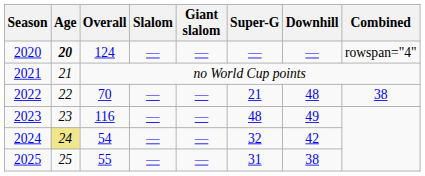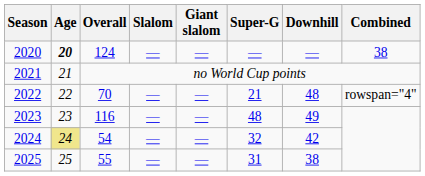 <table class=wikitable style="text-align:center">
 <tr>
 <th>Season</th>
 <th>Age</th>
 <th>Overall</th>
 <th>Slalom</th>
 <th>Giant<br> slalom </th>
 <th>Super-G</th>
 <th>Downhill</th>
 <th>Combined</th>
 </tr>
 <tr>
 <td><a href='#'>2020</a></td>
 <td><strong><em>20</em></strong></td>
 <td><a href='#'>124</a></td>
 <td><a href='#'>—</a></td>
 <td><a href='#'>—</a></td>
 <td><a href='#'>—</a></td>
 <td><a href='#'>—</a></td>
-<td>rowspan="4" </td>
+<td><a href='#'>38</a></td>
 </tr>
 <tr>
 <td><a href='#'>2021</a></td>
 <td><em>21</em></td>
 <td colspan=7><em>no World Cup points</em></td>
 </tr>
 <tr>
 <td><a href='#'>2022</a></td>
 <td><em>22</em></td>
 <td><a href='#'>70</a></td>
 <td><a href='#'>—</a></td>
 <td><a href='#'>—</a></td>
 <td><a href='#'>21</a></td>
 <td><a href='#'>48</a></td>
-<td><a href='#'>38</a></td>
+<td>rowspan="4" </td>
 </tr>
 <tr>
 <td><a href='#'>2023</a></td>
 <td><em>23</em></td>
 <td><a href='#'>116</a></td>
 <td><a href='#'>—</a></td>
 <td><a href='#'>—</a></td>
 <td><a href='#'>48</a></td>
 <td><a href='#'>49</a></td>
 </tr>
 <tr>
 <td><a href='#'>2024</a></td>
 <td style="background: khaki;"><em>24</em></td>
 <td><a href='#'>54</a></td>
 <td><a href='#'>—</a></td>
 <td><a href='#'>—</a></td>
 <td><a href='#'>32</a></td>
 <td><a href='#'>42</a></td>
 </tr>
 <tr>
 <td><a href='#'>2025</a></td>
 <td><em>25</em></td>
 <td><a href='#'>55</a></td>
 <td><a href='#'>—</a></td>
 <td><a href='#'>—</a></td>
 <td><a href='#'>31</a></td>
 <td><a href='#'>38</a></td>
 </tr>
 </table>
